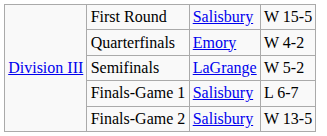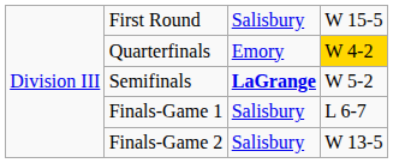 <table class="wikitable">
 <tr>
 <td rowspan="5"><a href='#'>Division III</a></td>
 <td>First Round</td>
 <td><a href='#'>Salisbury</a></td>
 <td>W 15-5</td>
 </tr>
 <tr>
 <td>Quarterfinals</td>
 <td><a href='#'>Emory</a></td>
-<td>W 4-2</td>
+<td style="background: gold;">W 4-2</td>
 </tr>
 <tr>
 <td>Semifinals</td>
-<td><a href='#'>LaGrange</a></td>
+<td><strong><a href='#'>LaGrange</a></strong></td>
 <td>W 5-2</td>
 </tr>
 <tr>
 <td>Finals-Game 1</td>
 <td><a href='#'>Salisbury</a></td>
 <td>L 6-7</td>
 </tr>
 <tr>
 <td>Finals-Game 2</td>
 <td><a href='#'>Salisbury</a></td>
 <td>W 13-5</td>
 </tr>
 </table>
